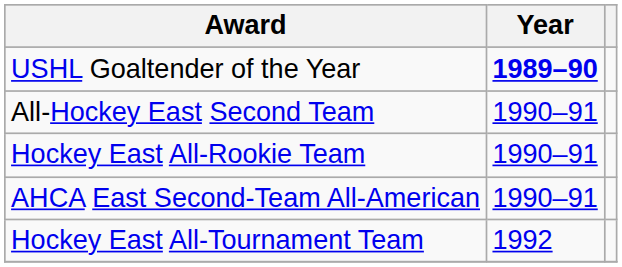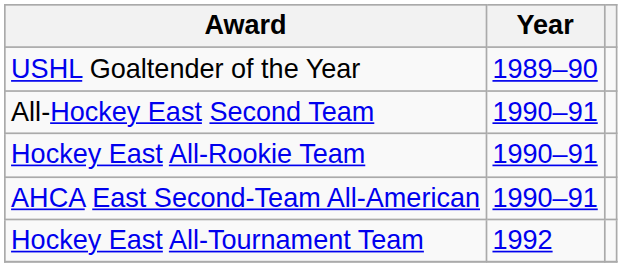 <table class="wikitable">
 <tr>
 <th>Award</th>
 <th>Year</th>
 <th></th>
 </tr>
 <tr>
 <td><a href='#'>USHL</a> Goaltender of the Year</td>
-<td><strong><a href='#'>1989–90</a></strong></td>
+<td><a href='#'>1989–90</a></td>
 <td></td>
 </tr>
 <tr>
 <td>All-<a href='#'>Hockey East</a> <a href='#'>Second Team</a></td>
 <td><a href='#'>1990–91</a></td>
 <td></td>
 </tr>
 <tr>
 <td><a href='#'>Hockey East</a> <a href='#'>All-Rookie Team</a></td>
 <td><a href='#'>1990–91</a></td>
 <td></td>
 </tr>
 <tr>
 <td><a href='#'>AHCA</a> <a href='#'>East Second-Team All-American</a></td>
 <td><a href='#'>1990–91</a></td>
 <td></td>
 </tr>
 <tr>
 <td><a href='#'>Hockey East</a> <a href='#'>All-Tournament Team</a></td>
 <td><a href='#'>1992</a></td>
 <td></td>
 </tr>
 <tr>
 </tr>
 </table>
